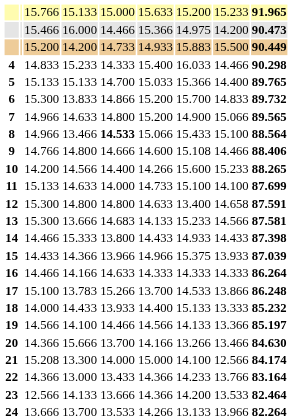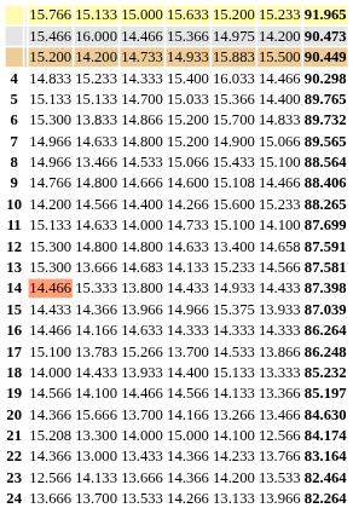 <table>
 <tr style="background:#fffcaf;">
 <th scope=row style="text-align:center"></th>
 <td align=left></td>
 <td>15.766</td>
 <td>15.133</td>
 <td>15.000</td>
 <td>15.633</td>
 <td>15.200</td>
 <td>15.233</td>
 <td><strong>91.965</strong></td>
 </tr>
 <tr style="background:#e5e5e5;">
 <th scope=row style="text-align:center"></th>
 <td align=left></td>
 <td>15.466</td>
 <td>16.000</td>
 <td>14.466</td>
 <td>15.366</td>
 <td>14.975</td>
 <td>14.200</td>
 <td><strong>90.473</strong></td>
 </tr>
 <tr style="background:#ec9;">
 <th scope=row style="text-align:center"></th>
 <td align=left></td>
 <td>15.200</td>
 <td>14.200</td>
 <td>14.733</td>
 <td>14.933</td>
 <td>15.883</td>
 <td>15.500</td>
 <td><strong>90.449</strong></td>
 </tr>
 <tr>
 <th scope=row style="text-align:center">4</th>
 <td align=left></td>
 <td>14.833</td>
 <td>15.233</td>
 <td>14.333</td>
 <td>15.400</td>
 <td>16.033</td>
 <td>14.466</td>
 <td><strong>90.298</strong></td>
 </tr>
 <tr>
 <th scope=row style="text-align:center">5</th>
 <td align=left></td>
 <td>15.133</td>
 <td>15.133</td>
 <td>14.700</td>
 <td>15.033</td>
 <td>15.366</td>
 <td>14.400</td>
 <td><strong>89.765</strong></td>
 </tr>
 <tr>
 <th scope=row style="text-align:center">6</th>
 <td align=left></td>
 <td>15.300</td>
 <td>13.833</td>
 <td>14.866</td>
 <td>15.200</td>
 <td>15.700</td>
 <td>14.833</td>
 <td><strong>89.732</strong></td>
 </tr>
 <tr>
 <th scope=row style="text-align:center">7</th>
 <td align=left></td>
 <td>14.966</td>
 <td>14.633</td>
 <td>14.800</td>
 <td>15.200</td>
 <td>14.900</td>
 <td>15.066</td>
 <td><strong>89.565</strong></td>
 </tr>
 <tr>
 <th scope=row style="text-align:center">8</th>
 <td align=left></td>
 <td>14.966</td>
 <td>13.466</td>
-<td><strong>14.533</strong></td>
+<td>14.533</td>
 <td>15.066</td>
 <td>15.433</td>
 <td>15.100</td>
 <td><strong>88.564</strong></td>
 </tr>
 <tr>
 <th scope=row style="text-align:center">9</th>
 <td align=left></td>
 <td>14.766</td>
 <td>14.800</td>
 <td>14.666</td>
 <td>14.600</td>
 <td>15.108</td>
 <td>14.466</td>
 <td><strong>88.406</strong></td>
 </tr>
 <tr>
 <th scope=row style="text-align:center">10</th>
 <td align=left></td>
 <td>14.200</td>
 <td>14.566</td>
 <td>14.400</td>
 <td>14.266</td>
 <td>15.600</td>
 <td>15.233</td>
 <td><strong>88.265</strong></td>
 </tr>
 <tr>
 <th scope=row style="text-align:center">11</th>
 <td align=left></td>
 <td>15.133</td>
 <td>14.633</td>
 <td>14.000</td>
 <td>14.733</td>
 <td>15.100</td>
 <td>14.100</td>
 <td><strong>87.699</strong></td>
 </tr>
 <tr>
 <th scope=row style="text-align:center">12</th>
 <td align=left></td>
 <td>15.300</td>
 <td>14.800</td>
 <td>14.800</td>
 <td>14.633</td>
 <td>13.400</td>
 <td>14.658</td>
 <td><strong>87.591</strong></td>
 </tr>
 <tr>
 <th scope=row style="text-align:center">13</th>
 <td align=left></td>
 <td>15.300</td>
 <td>13.666</td>
 <td>14.683</td>
 <td>14.133</td>
 <td>15.233</td>
 <td>14.566</td>
 <td><strong>87.581</strong></td>
 </tr>
 <tr>
 <th scope=row style="text-align:center">14</th>
 <td align=left></td>
-<td>14.466</td>
+<td style="background: lightsalmon;">14.466</td>
 <td>15.333</td>
 <td>13.800</td>
 <td>14.433</td>
 <td>14.933</td>
 <td>14.433</td>
 <td><strong>87.398</strong></td>
 </tr>
 <tr>
 <th scope=row style="text-align:center">15</th>
 <td align=left></td>
 <td>14.433</td>
 <td>14.366</td>
 <td>13.966</td>
 <td>14.966</td>
 <td>15.375</td>
 <td>13.933</td>
 <td><strong>87.039</strong></td>
 </tr>
 <tr>
 <th scope=row style="text-align:center">16</th>
 <td align=left></td>
 <td>14.466</td>
 <td>14.166</td>
 <td>14.633</td>
 <td>14.333</td>
 <td>14.333</td>
 <td>14.333</td>
 <td><strong>86.264</strong></td>
 </tr>
 <tr>
 <th scope=row style="text-align:center">17</th>
 <td align=left></td>
 <td>15.100</td>
 <td>13.783</td>
 <td>15.266</td>
 <td>13.700</td>
 <td>14.533</td>
 <td>13.866</td>
 <td><strong>86.248</strong></td>
 </tr>
 <tr>
 <th scope=row style="text-align:center">18</th>
 <td align=left></td>
 <td>14.000</td>
 <td>14.433</td>
 <td>13.933</td>
 <td>14.400</td>
 <td>15.133</td>
 <td>13.333</td>
 <td><strong>85.232</strong></td>
 </tr>
 <tr>
 <th scope=row style="text-align:center">19</th>
 <td align=left></td>
 <td>14.566</td>
 <td>14.100</td>
 <td>14.466</td>
 <td>14.566</td>
 <td>14.133</td>
 <td>13.366</td>
 <td><strong>85.197</strong></td>
 </tr>
 <tr>
 <th scope=row style="text-align:center">20</th>
 <td align=left></td>
 <td>14.366</td>
 <td>15.666</td>
 <td>13.700</td>
 <td>14.166</td>
 <td>13.266</td>
 <td>13.466</td>
 <td><strong>84.630</strong></td>
 </tr>
 <tr>
 <th scope=row style="text-align:center">21</th>
 <td align=left></td>
 <td>15.208</td>
 <td>13.300</td>
 <td>14.000</td>
 <td>15.000</td>
 <td>14.100</td>
 <td>12.566</td>
 <td><strong>84.174</strong></td>
 </tr>
 <tr>
 <th scope=row style="text-align:center">22</th>
 <td align=left></td>
 <td>14.366</td>
 <td>13.000</td>
 <td>13.433</td>
 <td>14.366</td>
 <td>14.233</td>
 <td>13.766</td>
 <td><strong>83.164</strong></td>
 </tr>
 <tr>
 <th scope=row style="text-align:center">23</th>
 <td align=left></td>
 <td>12.566</td>
 <td>14.133</td>
 <td>13.666</td>
 <td>14.366</td>
 <td>14.200</td>
 <td>13.533</td>
 <td><strong>82.464</strong></td>
 </tr>
 <tr>
 <th scope=row style="text-align:center">24</th>
 <td align=left></td>
 <td>13.666</td>
 <td>13.700</td>
 <td>13.533</td>
 <td>14.266</td>
 <td>13.133</td>
 <td>13.966</td>
 <td><strong>82.264</strong></td>
 </tr>
 </table>
